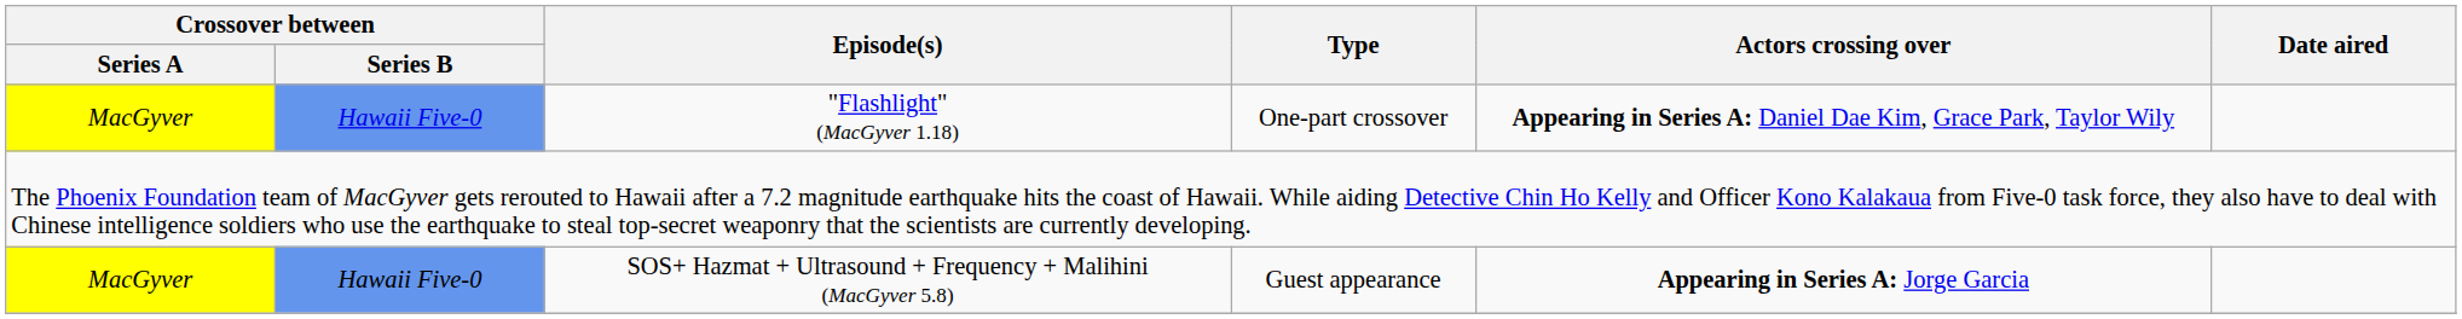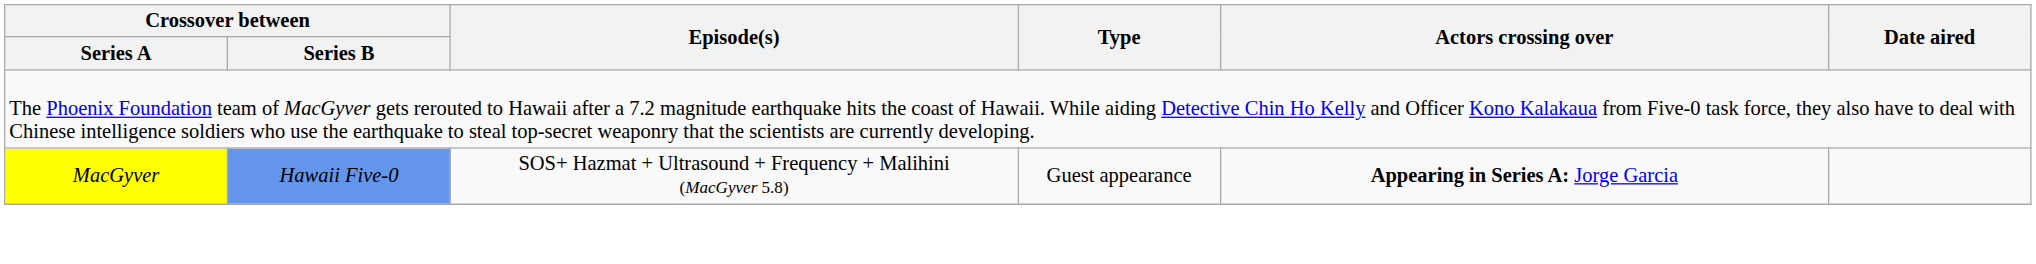 <table class="wikitable" width="100%" style="text-align:center;">
 <tr>
 <th colspan="2" width="22%">Crossover between</th>
 <th rowspan="2">Episode(s)</th>
 <th rowspan="2" width="10%">Type</th>
 <th rowspan="2" width="30%">Actors crossing over</th>
 <th rowspan="2" width="10%">Date aired</th>
 </tr>
 <tr>
 <th width="11%">Series A</th>
 <th width="11%">Series B</th>
-</tr>
-<tr>
-<td style="background:#FFFF00;"><em>MacGyver</em></td>
-<td style="background:#6495ED;"><em><a href='#'>Hawaii Five-0</a></em></td>
-<td>"<a href='#'>Flashlight</a>"<br><small>(<em>MacGyver</em> 1.18)</small></td>
-<td>One-part crossover</td>
-<td><strong>Appearing in Series A:</strong> <a href='#'>Daniel Dae Kim</a>, <a href='#'>Grace Park</a>, <a href='#'>Taylor Wily</a></td>
-<td></td>
 </tr>
 <tr>
 <td colspan="6" style="text-align:left;"><br>The <a href='#'>Phoenix Foundation</a> team of <em>MacGyver</em> gets rerouted to Hawaii after a 7.2 magnitude earthquake hits the coast of Hawaii. While aiding <a href='#'>Detective Chin Ho Kelly</a> and Officer <a href='#'>Kono Kalakaua</a> from Five-0 task force, they also have to deal with Chinese intelligence soldiers who use the earthquake to steal top-secret weaponry that the scientists are currently developing.</td>
 </tr>
 <tr>
 <td style="background:#FFFF00;"><em>MacGyver</em></td>
 <td style="background:#6495ED;"><em>Hawaii Five-0</em></td>
 <td>SOS+ Hazmat + Ultrasound + Frequency + Malihini<br><small>(<em>MacGyver</em> 5.8)</small></td>
 <td>Guest appearance</td>
 <td><strong>Appearing in Series A:</strong> <a href='#'>Jorge Garcia</a></td>
 <td></td>
 </tr>
 <tr>
 </tr>
 </table>
